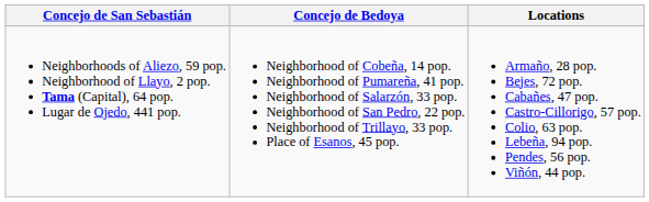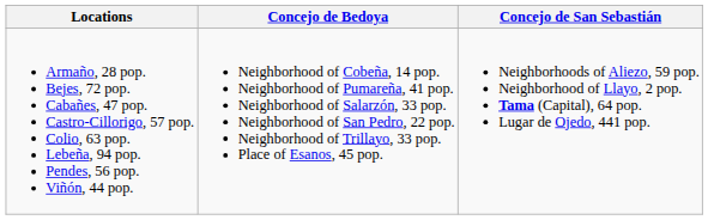 <table class="wikitable" style="margin:1em auto;">
 <tr>
+<th>Locations</th>
+<th><a href='#'>Concejo de Bedoya</a></th>
 <th><a href='#'>Concejo de San Sebastián</a></th>
-<th><a href='#'>Concejo de Bedoya</a></th>
-<th>Locations</th>
 </tr>
 <tr valign="top">
+<td><br><ul><li><a href='#'>Armaño</a>, 28 pop.</li><li><a href='#'>Bejes</a>, 72 pop.</li><li><a href='#'>Cabañes</a>, 47 pop.</li><li><a href='#'>Castro-Cillorigo</a>, 57 pop.</li><li><a href='#'>Colio</a>, 63 pop.</li><li><a href='#'>Lebeña</a>, 94 pop.</li><li><a href='#'>Pendes</a>, 56 pop.</li><li><a href='#'>Viñón</a>, 44 pop.</li></ul></td>
+<td><br><ul><li>Neighborhood of <a href='#'>Cobeña</a>, 14 pop.</li><li>Neighborhood of <a href='#'>Pumareña</a>, 41 pop.</li><li>Neighborhood of <a href='#'>Salarzón</a>, 33 pop.</li><li>Neighborhood of <a href='#'>San Pedro</a>, 22 pop.</li><li>Neighborhood of <a href='#'>Trillayo</a>, 33 pop.</li><li>Place of <a href='#'>Esanos</a>, 45 pop.</li></ul></td>
 <td><br><ul><li>Neighborhoods of <a href='#'>Aliezo</a>, 59 pop.</li><li>Neighborhood of <a href='#'>Llayo</a>, 2 pop.</li><li><strong><a href='#'>Tama</a></strong> (Capital), 64 pop.</li><li>Lugar de <a href='#'>Ojedo</a>, 441 pop.</li></ul></td>
-<td><br><ul><li>Neighborhood of <a href='#'>Cobeña</a>, 14 pop.</li><li>Neighborhood of <a href='#'>Pumareña</a>, 41 pop.</li><li>Neighborhood of <a href='#'>Salarzón</a>, 33 pop.</li><li>Neighborhood of <a href='#'>San Pedro</a>, 22 pop.</li><li>Neighborhood of <a href='#'>Trillayo</a>, 33 pop.</li><li>Place of <a href='#'>Esanos</a>, 45 pop.</li></ul></td>
-<td><br><ul><li><a href='#'>Armaño</a>, 28 pop.</li><li><a href='#'>Bejes</a>, 72 pop.</li><li><a href='#'>Cabañes</a>, 47 pop.</li><li><a href='#'>Castro-Cillorigo</a>, 57 pop.</li><li><a href='#'>Colio</a>, 63 pop.</li><li><a href='#'>Lebeña</a>, 94 pop.</li><li><a href='#'>Pendes</a>, 56 pop.</li><li><a href='#'>Viñón</a>, 44 pop.</li></ul></td>
 </tr>
 </table>
